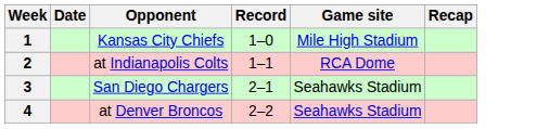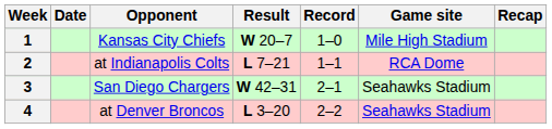 <table class="wikitable" style="text-align:center">
 <tr>
 <th>Week</th>
 <th>Date</th>
 <th>Opponent</th>
+<th>Result</th>
 <th>Record</th>
 <th>Game site</th>
 <th>Recap</th>
 </tr>
 <tr style="background:#cfc">
 <th>1</th>
 <td></td>
 <td><a href='#'>Kansas City Chiefs</a></td>
+<td><strong>W</strong> 20–7</td>
 <td>1–0</td>
 <td><a href='#'>Mile High Stadium</a></td>
 <td></td>
 </tr>
 <tr style="background:#fcc">
 <th>2</th>
 <td></td>
 <td>at <a href='#'>Indianapolis Colts</a></td>
+<td><strong>L</strong> 7–21</td>
 <td>1–1</td>
 <td><a href='#'>RCA Dome</a></td>
 <td></td>
 </tr>
 <tr style="background:#cfc">
 <th>3</th>
 <td></td>
 <td><a href='#'>San Diego Chargers</a></td>
+<td><strong>W</strong> 42–31</td>
 <td>2–1</td>
 <td>Seahawks Stadium</td>
 <td></td>
 </tr>
 <tr style="background:#fcc">
 <th>4</th>
 <td></td>
 <td>at <a href='#'>Denver Broncos</a></td>
+<td><strong>L</strong> 3–20</td>
 <td>2–2</td>
 <td><a href='#'>Seahawks Stadium</a></td>
 <td></td>
 </tr>
 </table>
